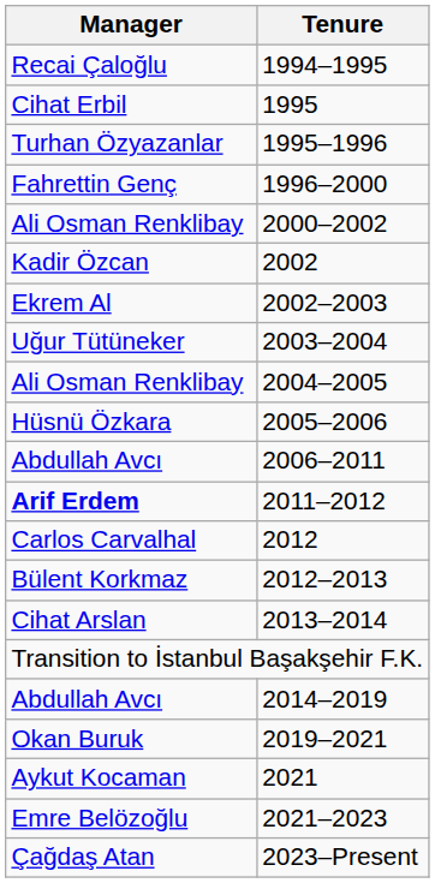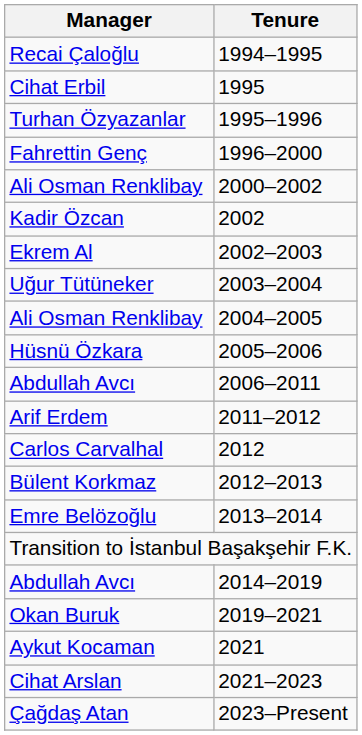 <table class="wikitable" style="text-align:left;">
 <tr>
 <th>Manager</th>
 <th>Tenure</th>
 </tr>
 <tr>
 <td> <a href='#'>Recai Çaloğlu</a></td>
 <td>1994–1995</td>
 </tr>
 <tr>
 <td> <a href='#'>Cihat Erbil</a></td>
 <td>1995</td>
 </tr>
 <tr>
 <td> <a href='#'>Turhan Özyazanlar</a></td>
 <td>1995–1996</td>
 </tr>
 <tr>
 <td> <a href='#'>Fahrettin Genç</a></td>
 <td>1996–2000</td>
 </tr>
 <tr>
 <td> <a href='#'>Ali Osman Renklibay</a></td>
 <td>2000–2002</td>
 </tr>
 <tr>
 <td> <a href='#'>Kadir Özcan</a></td>
 <td>2002</td>
 </tr>
 <tr>
 <td> <a href='#'>Ekrem Al</a></td>
 <td>2002–2003</td>
 </tr>
 <tr>
 <td> <a href='#'>Uğur Tütüneker</a></td>
 <td>2003–2004</td>
 </tr>
 <tr>
 <td> <a href='#'>Ali Osman Renklibay</a></td>
 <td>2004–2005</td>
 </tr>
 <tr>
 <td> <a href='#'>Hüsnü Özkara</a></td>
 <td>2005–2006</td>
 </tr>
 <tr>
 <td> <a href='#'>Abdullah Avcı</a></td>
 <td>2006–2011</td>
 </tr>
 <tr>
-<td><strong> <a href='#'>Arif Erdem</a></strong></td>
+<td> <a href='#'>Arif Erdem</a></td>
 <td>2011–2012</td>
 </tr>
 <tr>
 <td> <a href='#'>Carlos Carvalhal</a></td>
 <td>2012</td>
 </tr>
 <tr>
 <td> <a href='#'>Bülent Korkmaz</a></td>
 <td>2012–2013</td>
 </tr>
 <tr>
-<td> <a href='#'>Cihat Arslan</a></td>
+<td> <a href='#'>Emre Belözoğlu</a></td>
 <td>2013–2014</td>
 </tr>
 <tr>
 <td colspan="2" style="text-align:center;">Transition to İstanbul Başakşehir F.K.</td>
 </tr>
 <tr>
 <td> <a href='#'>Abdullah Avcı</a></td>
 <td>2014–2019</td>
 </tr>
 <tr>
 <td> <a href='#'>Okan Buruk</a></td>
 <td>2019–2021</td>
 </tr>
 <tr>
 <td> <a href='#'>Aykut Kocaman</a></td>
 <td>2021</td>
 </tr>
 <tr>
-<td> <a href='#'>Emre Belözoğlu</a></td>
+<td> <a href='#'>Cihat Arslan</a></td>
 <td>2021–2023</td>
 </tr>
 <tr>
 <td> <a href='#'>Çağdaş Atan</a></td>
 <td>2023–Present</td>
 </tr>
 </table>
